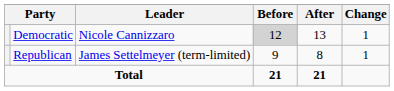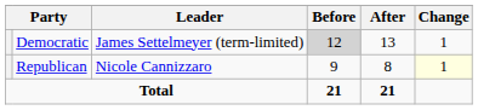 <table class="wikitable" style="text-align:center;">
 <tr>
 </tr>
 <tr>
 <th colspan=2>Party</th>
 <th>Leader</th>
 <th style="width:3em">Before</th>
 <th style="width:3em">After</th>
 <th style="width:3em">Change</th>
 </tr>
 <tr>
 <th style="background-color:"></th>
 <td style="text-align:left;"><a href='#'>Democratic</a></td>
-<td style="text-align:left;"><a href='#'>Nicole Cannizzaro</a></td>
+<td style="text-align:left;"><a href='#'>James Settelmeyer</a> (term-limited)</td>
 <td style="background: lightgrey;">12</td>
 <td>13</td>
 <td>1</td>
 </tr>
 <tr>
 <th style="background-color:"></th>
 <td style="text-align:left;"><a href='#'>Republican</a></td>
-<td style="text-align:left;"><a href='#'>James Settelmeyer</a> (term-limited)</td>
+<td style="text-align:left;"><a href='#'>Nicole Cannizzaro</a></td>
 <td>9</td>
 <td>8</td>
-<td>1</td>
+<td style="background: lightyellow;">1</td>
 </tr>
 <tr>
 <td colspan=3><strong>Total</strong></td>
 <td><strong>21</strong></td>
 <td><strong>21</strong></td>
 <td></td>
 </tr>
 </table>
